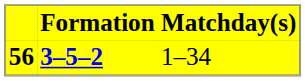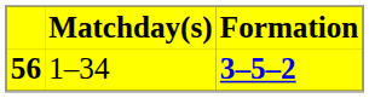 <table class="toccolours" border="0" cellpadding="2" cellspacing="0" align="center" style="margin: 0.5em 0 1em 1em; background: #000000; border: 1px #aaaaaa solid;">
 <tr bgcolor=#FFFF00>
 <th></th>
+<th>Matchday(s)</th>
 <th>Formation</th>
-<th>Matchday(s)</th>
 </tr>
 <tr bgcolor=#FFFF00>
 <td><strong>56</strong></td>
+<td>1–34</td>
 <td><a href='#'><span><strong>3–5–2</strong></span></a></td>
-<td>1–34</td>
 </tr>
 </table>
